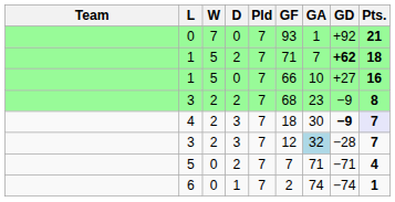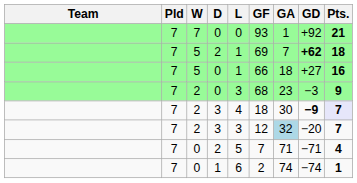 <table class=wikitable style="text-align:center;">
 <tr>
 <th width=200px>Team</th>
-<th width=20px>L</th>
+<th width=20px>Pld</th>
 <th width=20px>W</th>
 <th width=20px>D</th>
-<th width=20px>Pld</th>
+<th width=20px>L</th>
 <th width=25px>GF</th>
 <th width=25px>GA</th>
 <th width=25px>GD</th>
 <th width=20px>Pts.</th>
 </tr>
 <tr bgcolor=98fb98>
 <td align=left></td>
-<td>0</td>
+<td>7</td>
 <td>7</td>
 <td>0</td>
-<td>7</td>
+<td>0</td>
 <td>93</td>
 <td>1</td>
 <td>+92</td>
 <td><strong>21</strong></td>
 </tr>
 <tr bgcolor=98fb98>
 <td align=left></td>
-<td>1</td>
+<td>7</td>
 <td>5</td>
 <td>2</td>
-<td>7</td>
-<td>71</td>
+<td>1</td>
+<td>69</td>
 <td>7</td>
 <td><strong>+62</strong></td>
 <td><strong>18</strong></td>
 </tr>
 <tr bgcolor=98fb98>
 <td align=left></td>
-<td>1</td>
+<td>7</td>
 <td>5</td>
 <td>0</td>
-<td>7</td>
+<td>1</td>
 <td>66</td>
-<td>10</td>
+<td>18</td>
 <td>+27</td>
 <td><strong>16</strong></td>
 </tr>
 <tr bgcolor=98fb98>
 <td align=left></td>
+<td>7</td>
+<td>2</td>
+<td>0</td>
 <td>3</td>
-<td>2</td>
-<td>2</td>
-<td>7</td>
 <td>68</td>
 <td>23</td>
-<td>−9</td>
-<td><strong>8</strong></td>
+<td>−3</td>
+<td><strong>9</strong></td>
 </tr>
 <tr>
 <td align=left></td>
-<td>4</td>
+<td>7</td>
 <td>2</td>
 <td>3</td>
-<td>7</td>
+<td>4</td>
 <td>18</td>
 <td>30</td>
 <td><strong>−9</strong></td>
 <td style="background: lavender;"><strong>7</strong></td>
 </tr>
 <tr>
 <td align=left></td>
-<td>3</td>
+<td>7</td>
 <td>2</td>
 <td>3</td>
-<td>7</td>
+<td>3</td>
 <td>12</td>
 <td style="background: lightblue;">32</td>
-<td>−28</td>
+<td>−20</td>
 <td><strong>7</strong></td>
 </tr>
 <tr>
 <td align=left></td>
-<td>5</td>
+<td>7</td>
 <td>0</td>
 <td>2</td>
-<td>7</td>
+<td>5</td>
 <td>7</td>
 <td>71</td>
 <td>−71</td>
 <td><strong>4</strong></td>
 </tr>
 <tr>
 <td align=left></td>
-<td>6</td>
+<td>7</td>
 <td>0</td>
 <td>1</td>
-<td>7</td>
+<td>6</td>
 <td>2</td>
 <td>74</td>
 <td>−74</td>
 <td><strong>1</strong></td>
 </tr>
 </table>
